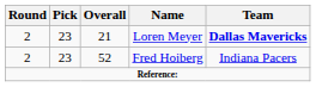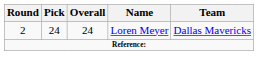 <table class="wikitable" style="text-align: center">
 <tr align=center>
 <th>Round</th>
 <th>Pick</th>
 <th>Overall</th>
 <th>Name</th>
 <th>Team</th>
 </tr>
 <tr>
 <td>2</td>
-<td>23</td>
-<td>21</td>
+<td>24</td>
+<td>24</td>
 <td><a href='#'>Loren Meyer</a></td>
-<td><strong><a href='#'>Dallas Mavericks</a></strong></td>
-</tr>
-<tr>
-<td>2</td>
-<td>23</td>
-<td>52</td>
-<td><a href='#'>Fred Hoiberg</a></td>
-<td><a href='#'>Indiana Pacers</a></td>
+<td><a href='#'>Dallas Mavericks</a></td>
 </tr>
 <tr>
 <td colspan="5"  style="font-size:8pt; text-align:center;"><strong>Reference:</strong></td>
 </tr>
 </table>
